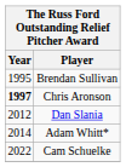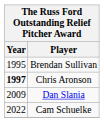 <table class="wikitable" style="display: inline-table; margin-right: 20px; text-align:center">
 <tr>
 <th scope="col" colspan="2" style="width: 145px;">The Russ Ford Outstanding Relief Pitcher Award</th>
 </tr>
 <tr>
 <th scope="col">Year</th>
 <th scope="col">Player</th>
 </tr>
 <tr>
 <td>1995</td>
 <td>Brendan Sullivan</td>
 </tr>
 <tr>
 <td><strong>1997</strong></td>
 <td>Chris Aronson</td>
 </tr>
 <tr>
-<td>2012</td>
+<td>2009</td>
 <td><a href='#'>Dan Slania</a></td>
-</tr>
-<tr>
-<td>2014</td>
-<td>Adam Whitt*</td>
 </tr>
 <tr>
 <td>2022</td>
 <td>Cam Schuelke</td>
 </tr>
 <tr>
 </tr>
 </table>
